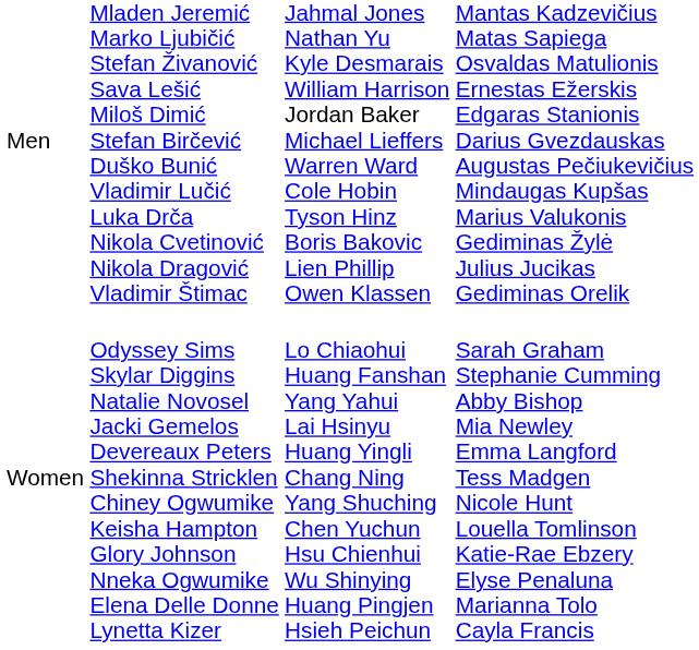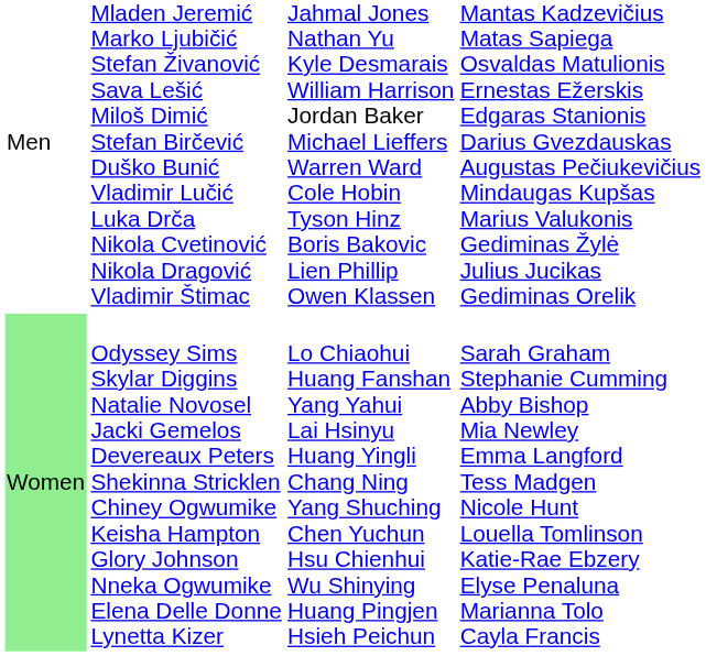 <table>
 <tr>
 <td>Men<br></td>
 <td><br><a href='#'>Mladen Jeremić</a><br><a href='#'>Marko Ljubičić</a><br><a href='#'>Stefan Živanović</a><br><a href='#'>Sava Lešić</a><br><a href='#'>Miloš Dimić</a><br><a href='#'>Stefan Birčević</a><br><a href='#'>Duško Bunić</a><br><a href='#'>Vladimir Lučić</a><br><a href='#'>Luka Drča</a><br><a href='#'>Nikola Cvetinović</a><br><a href='#'>Nikola Dragović</a><br><a href='#'>Vladimir Štimac</a></td>
 <td><br><a href='#'>Jahmal Jones</a><br><a href='#'>Nathan Yu</a><br><a href='#'>Kyle Desmarais</a><br><a href='#'>William Harrison</a><br>Jordan Baker<br><a href='#'>Michael Lieffers</a><br><a href='#'>Warren Ward</a><br><a href='#'>Cole Hobin</a><br><a href='#'>Tyson Hinz</a><br><a href='#'>Boris Bakovic</a><br><a href='#'>Lien Phillip</a><br><a href='#'>Owen Klassen</a></td>
 <td><br><a href='#'>Mantas Kadzevičius</a><br><a href='#'>Matas Sapiega</a><br><a href='#'>Osvaldas Matulionis</a><br><a href='#'>Ernestas Ežerskis</a><br><a href='#'>Edgaras Stanionis</a><br><a href='#'>Darius Gvezdauskas</a><br><a href='#'>Augustas Pečiukevičius</a><br><a href='#'>Mindaugas Kupšas</a><br><a href='#'>Marius Valukonis</a><br><a href='#'>Gediminas Žylė</a><br><a href='#'>Julius Jucikas</a><br><a href='#'>Gediminas Orelik</a></td>
 </tr>
 <tr>
-<td>Women<br></td>
+<td style="background: lightgreen;">Women<br></td>
 <td><br><a href='#'>Odyssey Sims</a><br><a href='#'>Skylar Diggins</a><br><a href='#'>Natalie Novosel</a><br><a href='#'>Jacki Gemelos</a><br><a href='#'>Devereaux Peters</a><br><a href='#'>Shekinna Stricklen</a><br><a href='#'>Chiney Ogwumike</a><br><a href='#'>Keisha Hampton</a><br><a href='#'>Glory Johnson</a><br><a href='#'>Nneka Ogwumike</a><br><a href='#'>Elena Delle Donne</a><br><a href='#'>Lynetta Kizer</a></td>
 <td><br><a href='#'>Lo Chiaohui</a><br><a href='#'>Huang Fanshan</a><br><a href='#'>Yang Yahui</a><br><a href='#'>Lai Hsinyu</a><br><a href='#'>Huang Yingli</a><br><a href='#'>Chang Ning</a><br><a href='#'>Yang Shuching</a><br><a href='#'>Chen Yuchun</a><br><a href='#'>Hsu Chienhui</a><br><a href='#'>Wu Shinying</a><br><a href='#'>Huang Pingjen</a><br><a href='#'>Hsieh Peichun</a></td>
 <td><br><a href='#'>Sarah Graham</a><br><a href='#'>Stephanie Cumming</a><br><a href='#'>Abby Bishop</a><br><a href='#'>Mia Newley</a><br><a href='#'>Emma Langford</a><br><a href='#'>Tess Madgen</a><br><a href='#'>Nicole Hunt</a><br><a href='#'>Louella Tomlinson</a><br><a href='#'>Katie-Rae Ebzery</a><br><a href='#'>Elyse Penaluna</a><br><a href='#'>Marianna Tolo</a><br><a href='#'>Cayla Francis</a></td>
 </tr>
 </table>
